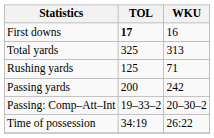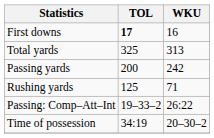 <table class="wikitable" style="float: left;">
 <tr>
 <th>Statistics</th>
 <th>TOL</th>
 <th>WKU</th>
 </tr>
 <tr>
 <td>First downs</td>
 <td><strong>17</strong></td>
 <td>16</td>
 </tr>
 <tr>
 <td>Total yards</td>
 <td>325</td>
 <td>313</td>
 </tr>
 <tr>
+<td>Passing yards</td>
+<td>200</td>
+<td>242</td>
+</tr>
+<tr>
 <td>Rushing yards</td>
 <td>125</td>
 <td>71</td>
 </tr>
 <tr>
-<td>Passing yards</td>
-<td>200</td>
-<td>242</td>
-</tr>
-<tr>
 <td>Passing: Comp–Att–Int</td>
 <td>19–33–2</td>
-<td>20–30–2</td>
+<td>26:22</td>
 </tr>
 <tr>
 <td>Time of possession</td>
 <td>34:19</td>
-<td>26:22</td>
+<td>20–30–2</td>
 </tr>
 <tr>
 </tr>
 </table>
